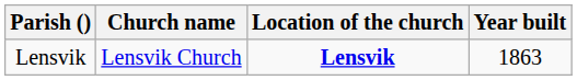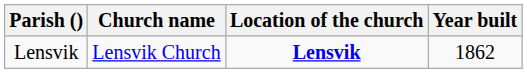 <table class="wikitable" style="text-align:center">
 <tr>
 <th>Parish ()</th>
 <th>Church name</th>
 <th>Location of the church</th>
 <th>Year built</th>
 </tr>
 <tr>
 <td rowspan="1">Lensvik</td>
 <td><a href='#'>Lensvik Church</a></td>
 <td><strong><a href='#'>Lensvik</a></strong></td>
-<td>1863</td>
+<td>1862</td>
 </tr>
 </table>
